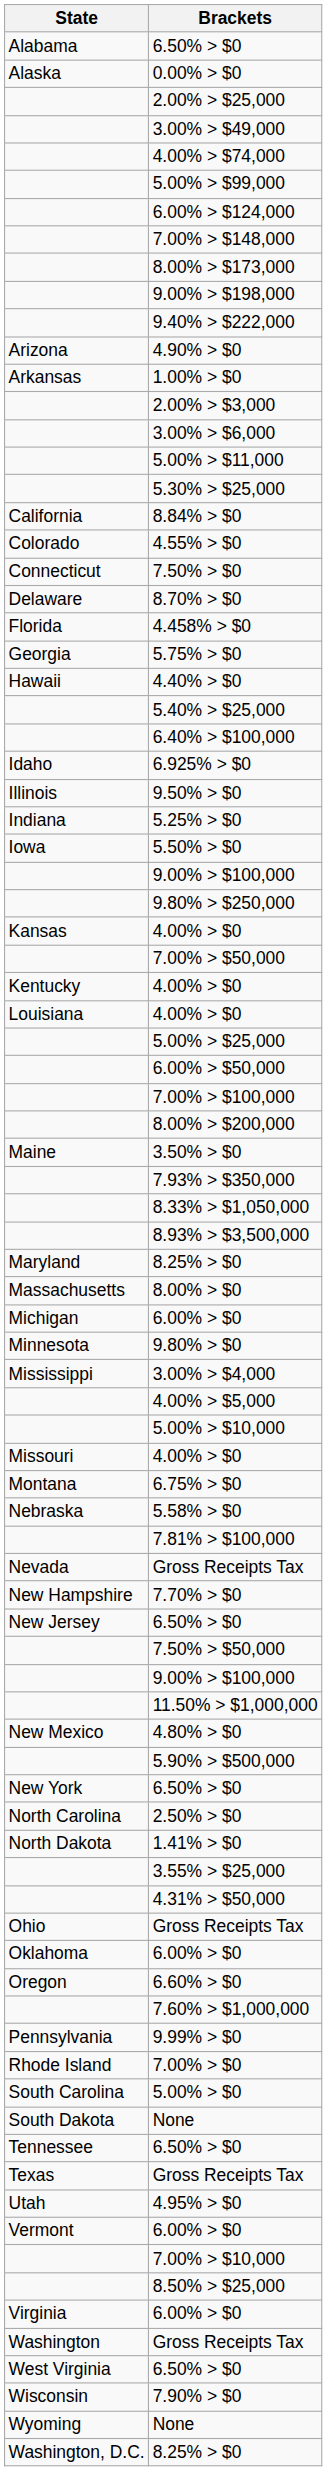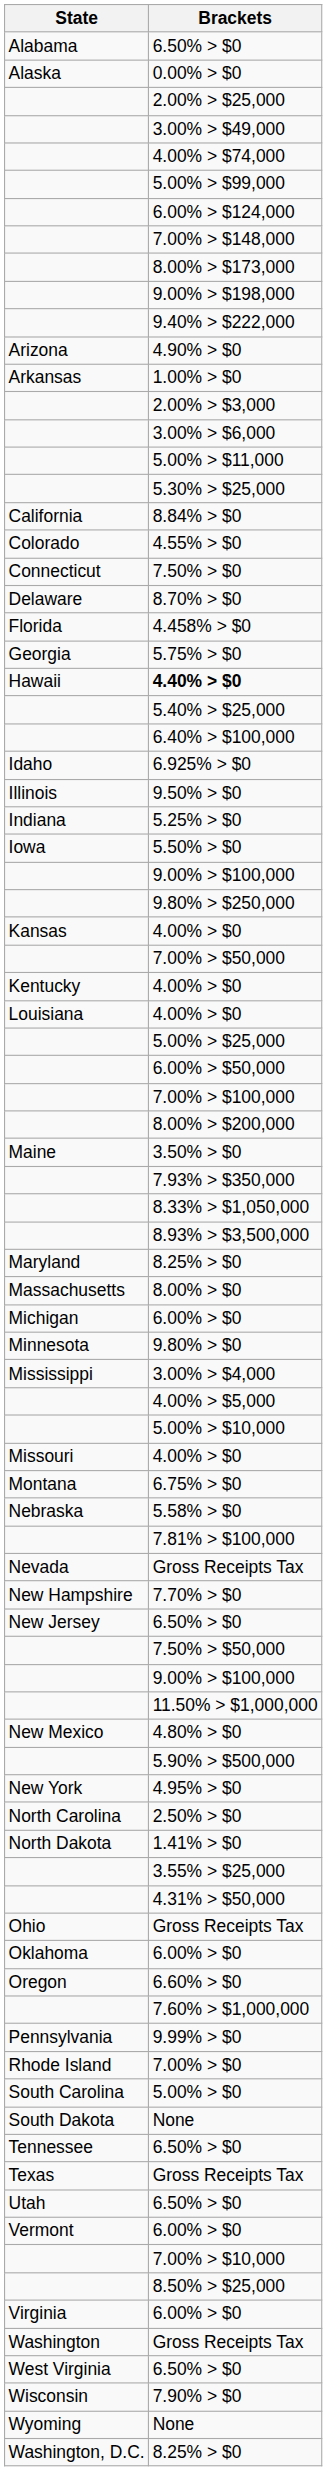 <table class="wikitable">
 <tr>
 <th>State</th>
 <th>Brackets</th>
 </tr>
 <tr>
 <td>Alabama</td>
 <td>6.50%	>	$0</td>
 </tr>
 <tr>
 <td>Alaska</td>
 <td>0.00%	>	$0</td>
 </tr>
 <tr>
 <td></td>
 <td>2.00%	>	$25,000</td>
 </tr>
 <tr>
 <td></td>
 <td>3.00%	>	$49,000</td>
 </tr>
 <tr>
 <td></td>
 <td>4.00%	>	$74,000</td>
 </tr>
 <tr>
 <td></td>
 <td>5.00%	>	$99,000</td>
 </tr>
 <tr>
 <td></td>
 <td>6.00%	>	$124,000</td>
 </tr>
 <tr>
 <td></td>
 <td>7.00%	>	$148,000</td>
 </tr>
 <tr>
 <td></td>
 <td>8.00%	>	$173,000</td>
 </tr>
 <tr>
 <td></td>
 <td>9.00%	>	$198,000</td>
 </tr>
 <tr>
 <td></td>
 <td>9.40%	>	$222,000</td>
 </tr>
 <tr>
 <td>Arizona</td>
 <td>4.90%	>	$0</td>
 </tr>
 <tr>
 <td>Arkansas</td>
 <td>1.00%	>	$0</td>
 </tr>
 <tr>
 <td></td>
 <td>2.00%	>	$3,000</td>
 </tr>
 <tr>
 <td></td>
 <td>3.00%	>	$6,000</td>
 </tr>
 <tr>
 <td></td>
 <td>5.00%	>	$11,000</td>
 </tr>
 <tr>
 <td></td>
 <td>5.30%	>	$25,000</td>
 </tr>
 <tr>
 <td>California</td>
 <td>8.84%	>	$0</td>
 </tr>
 <tr>
 <td>Colorado</td>
 <td>4.55%	>	$0</td>
 </tr>
 <tr>
 <td>Connecticut</td>
 <td>7.50%	>	$0</td>
 </tr>
 <tr>
 <td>Delaware</td>
 <td>8.70%	>	$0</td>
 </tr>
 <tr>
 <td>Florida</td>
 <td>4.458%	>	$0</td>
 </tr>
 <tr>
 <td>Georgia</td>
 <td>5.75%	>	$0</td>
 </tr>
 <tr>
 <td>Hawaii</td>
-<td>4.40%	>	$0</td>
+<td><strong>4.40%	>	$0</strong></td>
 </tr>
 <tr>
 <td></td>
 <td>5.40%	>	$25,000</td>
 </tr>
 <tr>
 <td></td>
 <td>6.40%	>	$100,000</td>
 </tr>
 <tr>
 <td>Idaho</td>
 <td>6.925%	>	$0</td>
 </tr>
 <tr>
 <td>Illinois</td>
 <td>9.50%	>	$0</td>
 </tr>
 <tr>
 <td>Indiana</td>
 <td>5.25%	>	$0</td>
 </tr>
 <tr>
 <td>Iowa</td>
 <td>5.50%	>	$0</td>
 </tr>
 <tr>
 <td></td>
 <td>9.00%	>	$100,000</td>
 </tr>
 <tr>
 <td></td>
 <td>9.80%	>	$250,000</td>
 </tr>
 <tr>
 <td>Kansas</td>
 <td>4.00%	>	$0</td>
 </tr>
 <tr>
 <td></td>
 <td>7.00%	>	$50,000</td>
 </tr>
 <tr>
 <td>Kentucky</td>
 <td>4.00%	>	$0</td>
 </tr>
 <tr>
 <td>Louisiana</td>
 <td>4.00%	>	$0</td>
 </tr>
 <tr>
 <td></td>
 <td>5.00%	>	$25,000</td>
 </tr>
 <tr>
 <td></td>
 <td>6.00%	>	$50,000</td>
 </tr>
 <tr>
 <td></td>
 <td>7.00%	>	$100,000</td>
 </tr>
 <tr>
 <td></td>
 <td>8.00%	>	$200,000</td>
 </tr>
 <tr>
 <td>Maine</td>
 <td>3.50%	>	$0</td>
 </tr>
 <tr>
 <td></td>
 <td>7.93%	>	$350,000</td>
 </tr>
 <tr>
 <td></td>
 <td>8.33%	>	$1,050,000</td>
 </tr>
 <tr>
 <td></td>
 <td>8.93%	>	$3,500,000</td>
 </tr>
 <tr>
 <td>Maryland</td>
 <td>8.25%	>	$0</td>
 </tr>
 <tr>
 <td>Massachusetts</td>
 <td>8.00%	>	$0</td>
 </tr>
 <tr>
 <td>Michigan</td>
 <td>6.00%	>	$0</td>
 </tr>
 <tr>
 <td>Minnesota</td>
 <td>9.80%	>	$0</td>
 </tr>
 <tr>
 <td>Mississippi</td>
 <td>3.00%	>	$4,000</td>
 </tr>
 <tr>
 <td></td>
 <td>4.00%	>	$5,000</td>
 </tr>
 <tr>
 <td></td>
 <td>5.00%	>	$10,000</td>
 </tr>
 <tr>
 <td>Missouri</td>
 <td>4.00%	>	$0</td>
 </tr>
 <tr>
 <td>Montana</td>
 <td>6.75%	>	$0</td>
 </tr>
 <tr>
 <td>Nebraska</td>
 <td>5.58%	>	$0</td>
 </tr>
 <tr>
 <td></td>
 <td>7.81%	>	$100,000</td>
 </tr>
 <tr>
 <td>Nevada</td>
 <td>Gross Receipts Tax</td>
 </tr>
 <tr>
 <td>New Hampshire</td>
 <td>7.70%	>	$0</td>
 </tr>
 <tr>
 <td>New Jersey</td>
 <td>6.50%	>	$0</td>
 </tr>
 <tr>
 <td></td>
 <td>7.50%	>	$50,000</td>
 </tr>
 <tr>
 <td></td>
 <td>9.00%	>	$100,000</td>
 </tr>
 <tr>
 <td></td>
 <td>11.50%	>	$1,000,000</td>
 </tr>
 <tr>
 <td>New Mexico</td>
 <td>4.80%	>	$0</td>
 </tr>
 <tr>
 <td></td>
 <td>5.90%	>	$500,000</td>
 </tr>
 <tr>
 <td>New York</td>
-<td>6.50%	>	$0</td>
+<td>4.95%	>	$0</td>
 </tr>
 <tr>
 <td>North Carolina</td>
 <td>2.50%	>	$0</td>
 </tr>
 <tr>
 <td>North Dakota</td>
 <td>1.41%	>	$0</td>
 </tr>
 <tr>
 <td></td>
 <td>3.55%	>	$25,000</td>
 </tr>
 <tr>
 <td></td>
 <td>4.31%	>	$50,000</td>
 </tr>
 <tr>
 <td>Ohio</td>
 <td>Gross Receipts Tax</td>
 </tr>
 <tr>
 <td>Oklahoma</td>
 <td>6.00%	>	$0</td>
 </tr>
 <tr>
 <td>Oregon</td>
 <td>6.60%	>	$0</td>
 </tr>
 <tr>
 <td></td>
 <td>7.60%	>	$1,000,000</td>
 </tr>
 <tr>
 <td>Pennsylvania</td>
 <td>9.99%	>	$0</td>
 </tr>
 <tr>
 <td>Rhode Island</td>
 <td>7.00%	>	$0</td>
 </tr>
 <tr>
 <td>South Carolina</td>
 <td>5.00%	>	$0</td>
 </tr>
 <tr>
 <td>South Dakota</td>
 <td>None</td>
 </tr>
 <tr>
 <td>Tennessee</td>
 <td>6.50%	>	$0</td>
 </tr>
 <tr>
 <td>Texas</td>
 <td>Gross Receipts Tax</td>
 </tr>
 <tr>
 <td>Utah</td>
-<td>4.95%	>	$0</td>
+<td>6.50%	>	$0</td>
 </tr>
 <tr>
 <td>Vermont</td>
 <td>6.00%	>	$0</td>
 </tr>
 <tr>
 <td></td>
 <td>7.00%	>	$10,000</td>
 </tr>
 <tr>
 <td></td>
 <td>8.50%	>	$25,000</td>
 </tr>
 <tr>
 <td>Virginia</td>
 <td>6.00%	>	$0</td>
 </tr>
 <tr>
 <td>Washington</td>
 <td>Gross Receipts Tax</td>
 </tr>
 <tr>
 <td>West Virginia</td>
 <td>6.50%	>	$0</td>
 </tr>
 <tr>
 <td>Wisconsin</td>
 <td>7.90%	>	$0</td>
 </tr>
 <tr>
 <td>Wyoming</td>
 <td>None</td>
 </tr>
 <tr>
 <td>Washington, D.C.</td>
 <td>8.25%	>	$0</td>
 </tr>
 </table>
